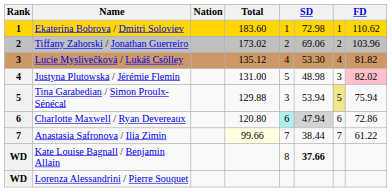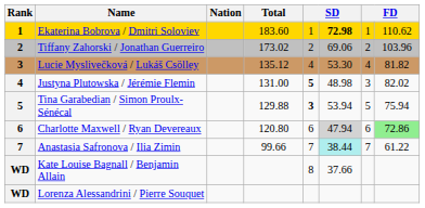 <table class="wikitable sortable">
 <tr>
 <th>Rank</th>
 <th>Name</th>
 <th>Nation</th>
 <th width="80px">Total</th>
 <th colspan="2" width="80px"><a href='#'>SD</a></th>
 <th colspan="2" width="80px"><a href='#'>FD</a></th>
 </tr>
 <tr bgcolor="gold">
 <td align="center"><strong>1</strong></td>
 <td><a href='#'>Ekaterina Bobrova</a> / <a href='#'>Dmitri Soloviev</a></td>
 <td></td>
 <td align="center">183.60</td>
 <td align="center">1</td>
-<td align="center">72.98</td>
+<td align="center"><strong>72.98</strong></td>
 <td align="center">1</td>
 <td align="center">110.62</td>
 </tr>
 <tr bgcolor="silver">
 <td align="center"><strong>2</strong></td>
 <td><a href='#'>Tiffany Zahorski</a> / <a href='#'>Jonathan Guerreiro</a></td>
 <td></td>
 <td align="center">173.02</td>
 <td align="center">2</td>
 <td align="center">69.06</td>
 <td align="center">2</td>
 <td align="center">103.96</td>
 </tr>
 <tr bgcolor="cc9966">
 <td align="center"><strong>3</strong></td>
 <td><a href='#'>Lucie Myslivečková</a> / <a href='#'>Lukáš Csölley</a></td>
 <td></td>
 <td align="center">135.12</td>
 <td align="center">4</td>
 <td align="center">53.30</td>
 <td align="center">4</td>
 <td align="center">81.82</td>
 </tr>
 <tr>
 <th>4</th>
 <td><a href='#'>Justyna Plutowska</a> / <a href='#'>Jérémie Flemin</a></td>
 <td></td>
 <td align="center">131.00</td>
-<td align="center">5</td>
+<td align="center"><strong>5</strong></td>
 <td align="center">48.98</td>
 <td align="center">3</td>
-<td align="center" style="background: pink;">82.02</td>
+<td align="center">82.02</td>
 </tr>
 <tr>
 <th>5</th>
 <td><a href='#'>Tina Garabedian</a> / <a href='#'>Simon Proulx-Sénécal</a></td>
 <td></td>
 <td align="center">129.88</td>
-<td align="center">3</td>
+<td align="center"><strong>3</strong></td>
 <td align="center">53.94</td>
-<td align="center" style="background: khaki;">5</td>
+<td align="center">5</td>
 <td align="center">75.94</td>
 </tr>
 <tr>
 <th>6</th>
 <td><a href='#'>Charlotte Maxwell</a> / <a href='#'>Ryan Devereaux</a></td>
 <td></td>
 <td align="center">120.80</td>
-<td align="center" style="background: paleturquoise;">6</td>
+<td align="center">6</td>
 <td align="center" style="background: lightgrey;">47.94</td>
 <td align="center">6</td>
-<td align="center">72.86</td>
+<td align="center" style="background: lightgreen;">72.86</td>
 </tr>
 <tr>
 <th>7</th>
 <td><a href='#'>Anastasia Safronova</a> / <a href='#'>Ilia Zimin</a></td>
 <td></td>
-<td align="center" style="background: lightyellow;">99.66</td>
+<td align="center">99.66</td>
 <td align="center">7</td>
-<td align="center">38.44</td>
+<td align="center" style="background: paleturquoise;">38.44</td>
 <td align="center">7</td>
 <td align="center">61.22</td>
 </tr>
 <tr>
 <th>WD</th>
 <td><a href='#'>Kate Louise Bagnall</a> / <a href='#'>Benjamin Allain</a></td>
 <td></td>
 <td align="center"></td>
 <td align="center">8</td>
-<td align="center"><strong>37.66</strong></td>
+<td align="center">37.66</td>
 <td align="center"></td>
 <td align="center"></td>
 </tr>
 <tr>
 <th>WD</th>
 <td><a href='#'>Lorenza Alessandrini</a> / <a href='#'>Pierre Souquet</a></td>
 <td></td>
 <td align="center"></td>
 <td align="center"></td>
 <td align="center"></td>
 <td align="center"></td>
 <td align="center"></td>
 </tr>
 </table>
